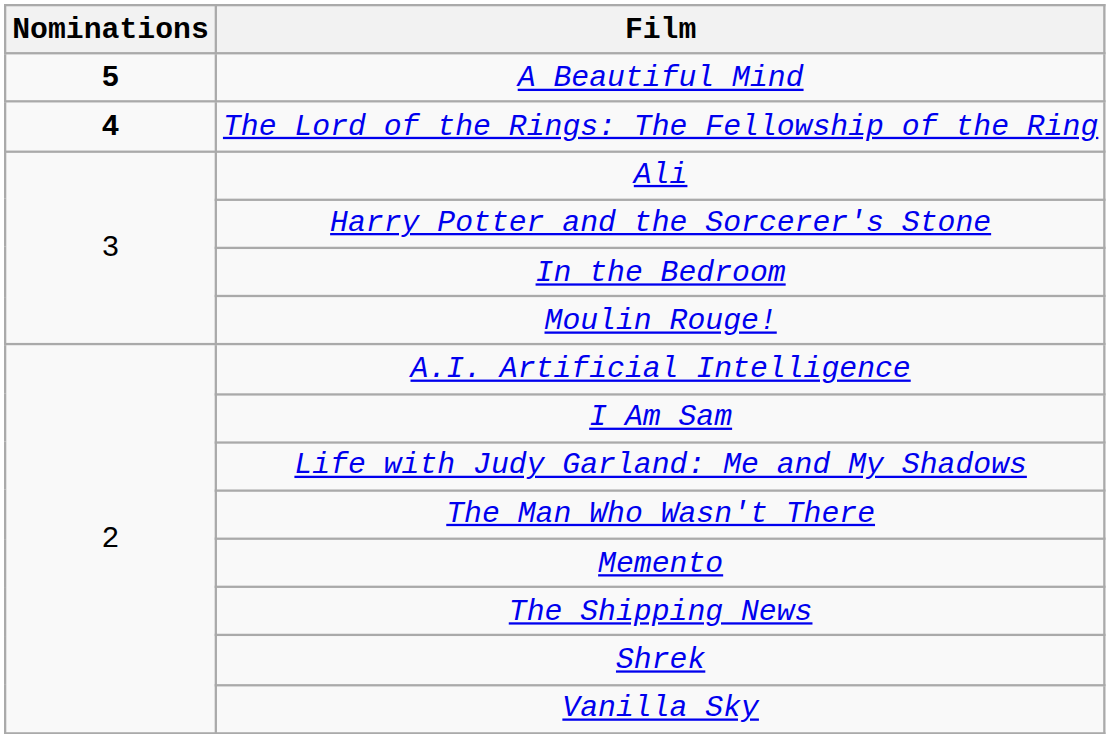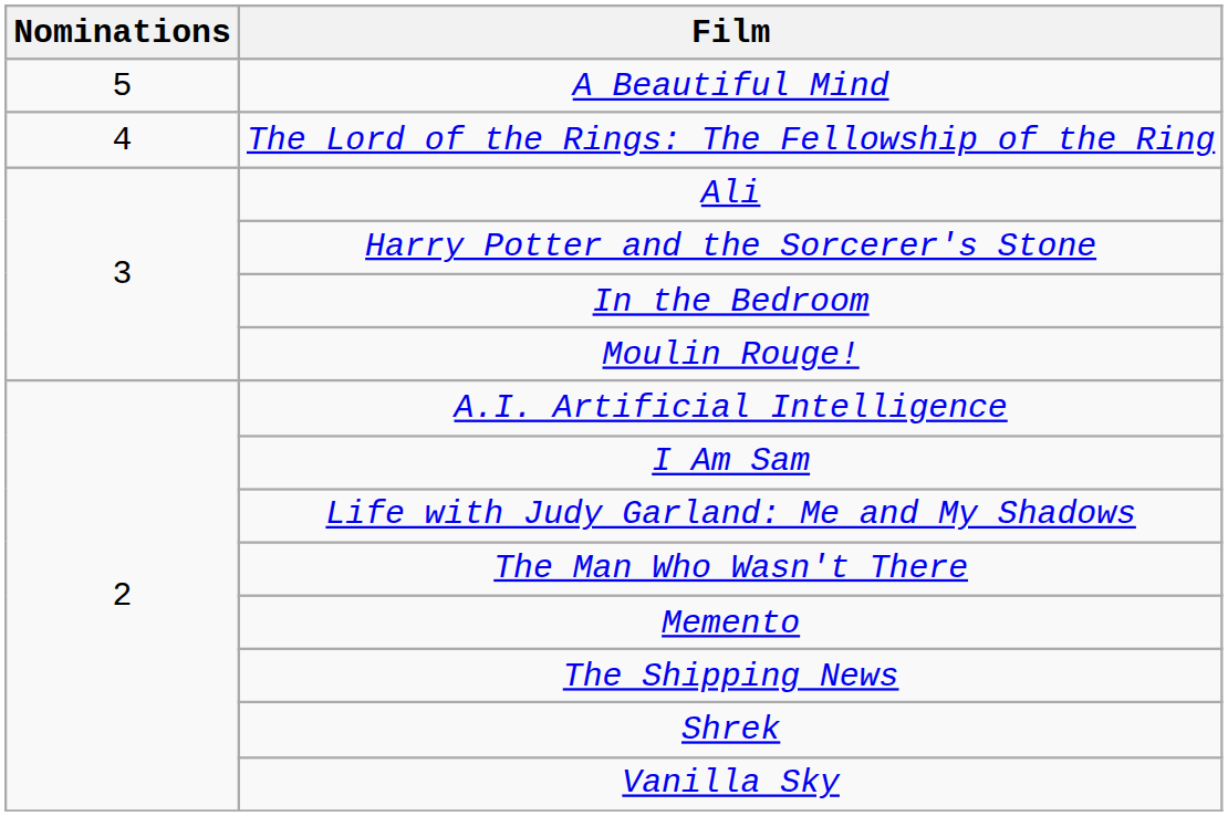 <table class="wikitable" rowspan="2" style="text-align:center;" background: #f6e39c;>
 <tr>
 <th scope="col" style="width:55px;">Nominations</th>
 <th scope="col" style="text-align:center;">Film</th>
 </tr>
 <tr>
-<td><strong>5</strong></td>
+<td>5</td>
 <td><em><a href='#'>A Beautiful Mind</a></em></td>
 </tr>
 <tr>
-<td><strong>4</strong></td>
+<td>4</td>
 <td><em><a href='#'>The Lord of the Rings: The Fellowship of the Ring</a></em></td>
 </tr>
 <tr>
 <td rowspan="4">3</td>
 <td><em><a href='#'>Ali</a></em></td>
 </tr>
 <tr>
 <td><em><a href='#'>Harry Potter and the Sorcerer's Stone</a></em></td>
 </tr>
 <tr>
 <td><em><a href='#'>In the Bedroom</a></em></td>
 </tr>
 <tr>
 <td><em><a href='#'>Moulin Rouge!</a></em></td>
 </tr>
 <tr>
 <td rowspan="8">2</td>
 <td><em><a href='#'>A.I. Artificial Intelligence</a></em></td>
 </tr>
 <tr>
 <td><em><a href='#'>I Am Sam</a></em></td>
 </tr>
 <tr>
 <td><em><a href='#'>Life with Judy Garland: Me and My Shadows</a></em></td>
 </tr>
 <tr>
 <td><em><a href='#'>The Man Who Wasn't There</a></em></td>
 </tr>
 <tr>
 <td><em><a href='#'>Memento</a></em></td>
 </tr>
 <tr>
 <td><em><a href='#'>The Shipping News</a></em></td>
 </tr>
 <tr>
 <td><em><a href='#'>Shrek</a></em></td>
 </tr>
 <tr>
 <td><em><a href='#'>Vanilla Sky</a></em></td>
 </tr>
 </table>
